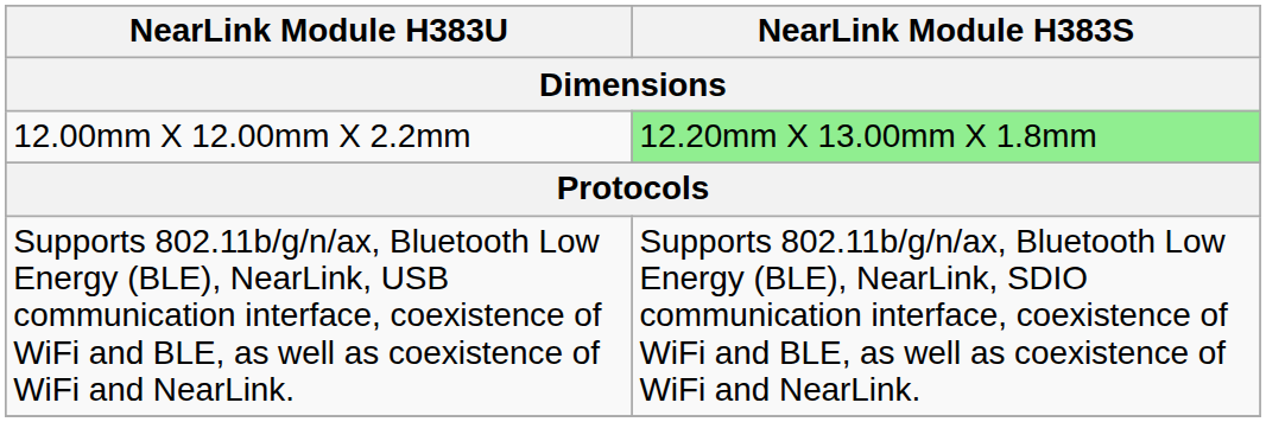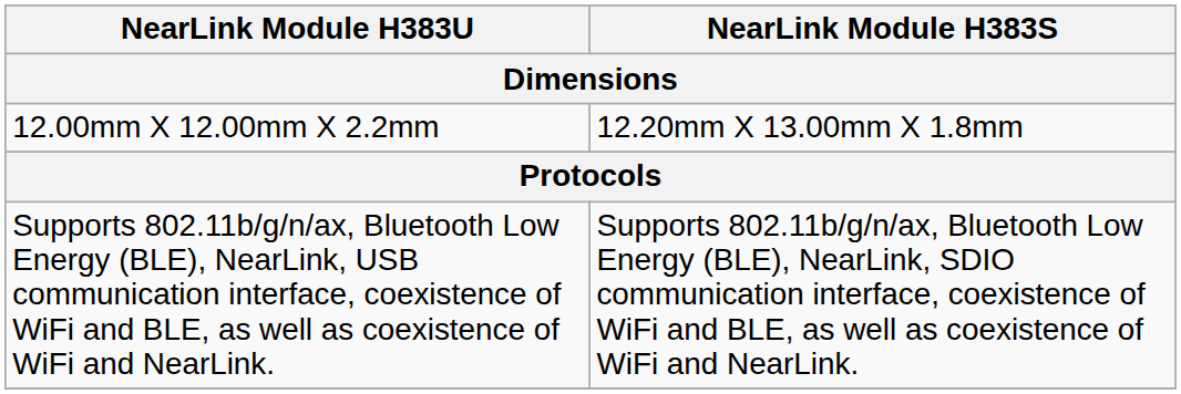 <table class="wikitable">
 <tr>
 <th>NearLink Module H383U</th>
 <th>NearLink Module H383S</th>
 </tr>
 <tr>
 <th colspan="2">Dimensions</th>
 </tr>
 <tr>
 <td>12.00mm X 12.00mm X 2.2mm</td>
-<td style="background: lightgreen;">12.20mm X 13.00mm X 1.8mm</td>
+<td>12.20mm X 13.00mm X 1.8mm</td>
 </tr>
 <tr>
 <th colspan="2">Protocols</th>
 </tr>
 <tr>
 <td>Supports 802.11b/g/n/ax, Bluetooth Low Energy (BLE), NearLink, USB communication interface, coexistence of WiFi and BLE, as well as coexistence of WiFi and NearLink.</td>
 <td>Supports 802.11b/g/n/ax, Bluetooth Low Energy (BLE), NearLink, SDIO communication interface, coexistence of WiFi and BLE, as well as coexistence of WiFi and NearLink.</td>
 </tr>
 <tr>
 </tr>
 </table>
